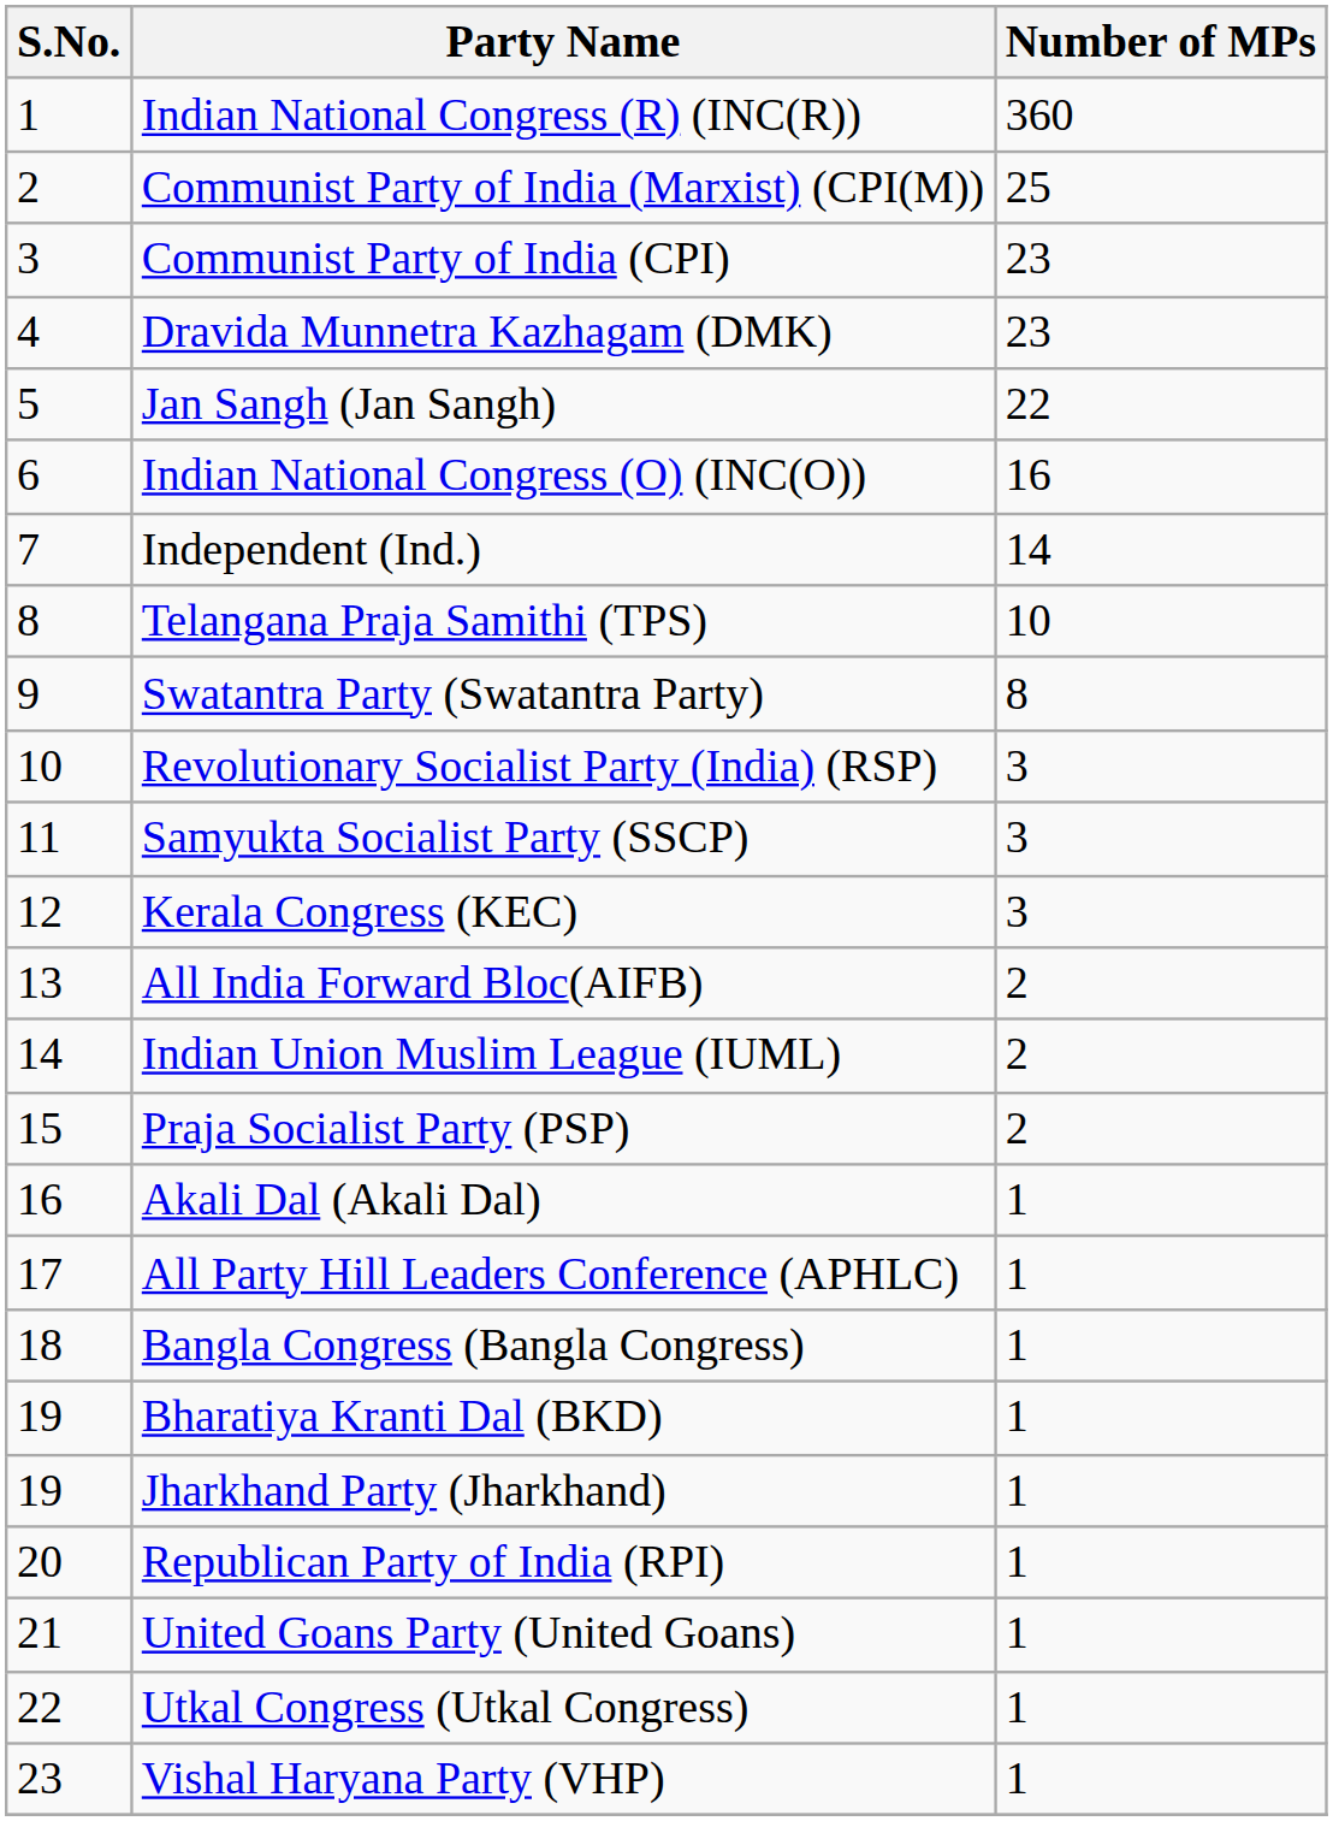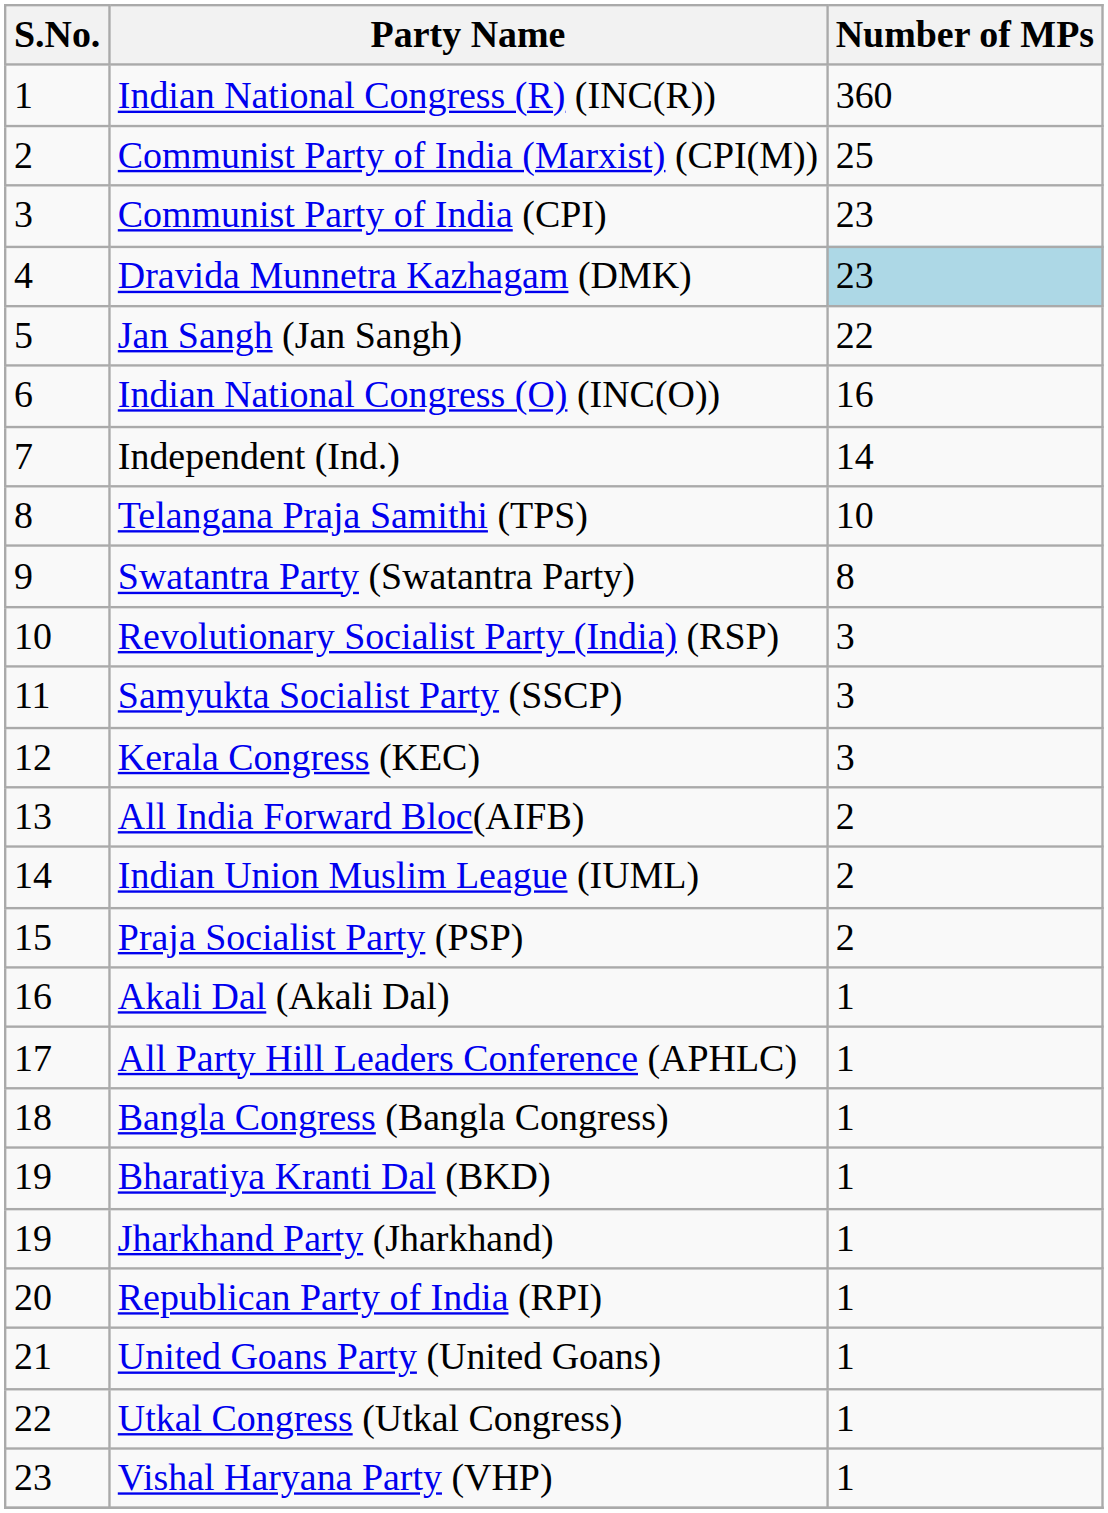 <table class="wikitable">
 <tr>
 <th>S.No.</th>
 <th>Party Name</th>
 <th>Number of MPs</th>
 </tr>
 <tr>
 <td>1</td>
 <td><a href='#'>Indian National Congress (R)</a> (INC(R))</td>
 <td>360</td>
 </tr>
 <tr>
 <td>2</td>
 <td><a href='#'>Communist Party of India (Marxist)</a> (CPI(M))</td>
 <td>25</td>
 </tr>
 <tr>
 <td>3</td>
 <td><a href='#'>Communist Party of India</a> (CPI)</td>
 <td>23</td>
 </tr>
 <tr>
 <td>4</td>
 <td><a href='#'>Dravida Munnetra Kazhagam</a> (DMK)</td>
-<td>23</td>
+<td style="background: lightblue;">23</td>
 </tr>
 <tr>
 <td>5</td>
 <td><a href='#'>Jan Sangh</a> (Jan Sangh)</td>
 <td>22</td>
 </tr>
 <tr>
 <td>6</td>
 <td><a href='#'>Indian National Congress (O)</a> (INC(O))</td>
 <td>16</td>
 </tr>
 <tr>
 <td>7</td>
 <td>Independent (Ind.)</td>
 <td>14</td>
 </tr>
 <tr>
 <td>8</td>
 <td><a href='#'>Telangana Praja Samithi</a> (TPS)</td>
 <td>10</td>
 </tr>
 <tr>
 <td>9</td>
 <td><a href='#'>Swatantra Party</a> (Swatantra Party)</td>
 <td>8</td>
 </tr>
 <tr>
 <td>10</td>
 <td><a href='#'>Revolutionary Socialist Party (India)</a> (RSP)</td>
 <td>3</td>
 </tr>
 <tr>
 <td>11</td>
 <td><a href='#'>Samyukta Socialist Party</a> (SSCP)</td>
 <td>3</td>
 </tr>
 <tr>
 <td>12</td>
 <td><a href='#'>Kerala Congress</a> (KEC)</td>
 <td>3</td>
 </tr>
 <tr>
 <td>13</td>
 <td><a href='#'>All India Forward Bloc</a>(AIFB)</td>
 <td>2</td>
 </tr>
 <tr>
 <td>14</td>
 <td><a href='#'>Indian Union Muslim League</a> (IUML)</td>
 <td>2</td>
 </tr>
 <tr>
 <td>15</td>
 <td><a href='#'>Praja Socialist Party</a> (PSP)</td>
 <td>2</td>
 </tr>
 <tr>
 <td>16</td>
 <td><a href='#'>Akali Dal</a> (Akali Dal)</td>
 <td>1</td>
 </tr>
 <tr>
 <td>17</td>
 <td><a href='#'>All Party Hill Leaders Conference</a> (APHLC)</td>
 <td>1</td>
 </tr>
 <tr>
 <td>18</td>
 <td><a href='#'>Bangla Congress</a> (Bangla Congress)</td>
 <td>1</td>
 </tr>
 <tr>
 <td>19</td>
 <td><a href='#'>Bharatiya Kranti Dal</a> (BKD)</td>
 <td>1</td>
 </tr>
 <tr>
 <td>19</td>
 <td><a href='#'>Jharkhand Party</a> (Jharkhand)</td>
 <td>1</td>
 </tr>
 <tr>
 <td>20</td>
 <td><a href='#'>Republican Party of India</a> (RPI)</td>
 <td>1</td>
 </tr>
 <tr>
 <td>21</td>
 <td><a href='#'>United Goans Party</a> (United Goans)</td>
 <td>1</td>
 </tr>
 <tr>
 <td>22</td>
 <td><a href='#'>Utkal Congress</a> (Utkal Congress)</td>
 <td>1</td>
 </tr>
 <tr>
 <td>23</td>
 <td><a href='#'>Vishal Haryana Party</a> (VHP)</td>
 <td>1</td>
 </tr>
 <tr>
 </tr>
 </table>
